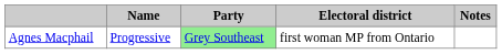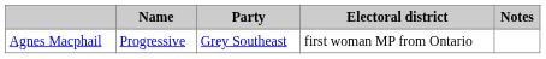 <table border="1" cellpadding="4" width="610" cellspacing="0" style="border-collapse: collapse" width="100%" class="sortable">
 <tr bgcolor="CCCCCC">
 <th></th>
 <th>Name</th>
 <th>Party</th>
 <th>Electoral district</th>
 <th>Notes</th>
 </tr>
 <tr>
 <td><a href='#'>Agnes Macphail</a></td>
 <td><a href='#'>Progressive</a></td>
-<td style="background: lightgreen;"><a href='#'>Grey Southeast</a></td>
+<td><a href='#'>Grey Southeast</a></td>
 <td>first woman MP from Ontario</td>
 </tr>
 </table>
